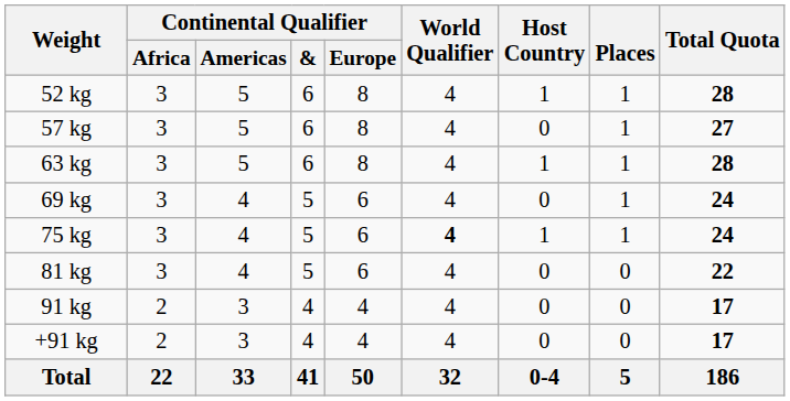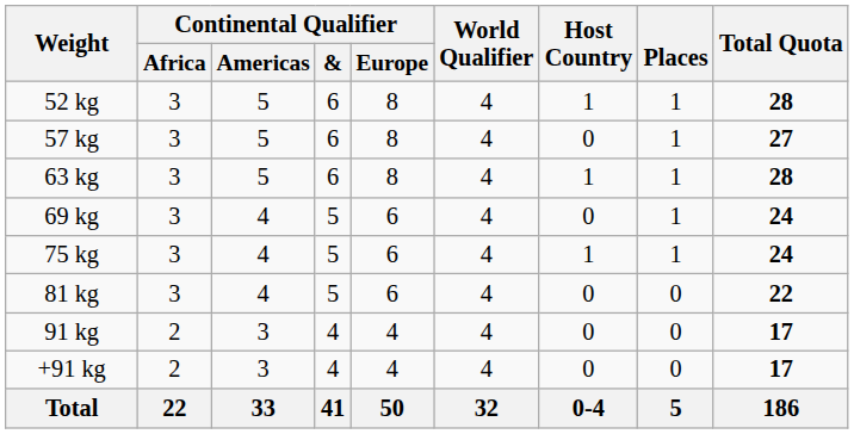 <table class="wikitable" style="text-align:center;">
 <tr>
 <th width=80 rowspan=2>Weight</th>
 <th colspan=4>Continental Qualifier</th>
 <th rowspan=2>World<br>Qualifier</th>
 <th rowspan=2>Host<br>Country</th>
 <th rowspan=2><br>Places</th>
 <th rowspan=2>Total Quota</th>
 </tr>
 <tr style="font-size:95%">
 <th>Africa</th>
 <th>Americas</th>
 <th> & </th>
 <th>Europe</th>
 </tr>
 <tr>
 <td>52 kg</td>
 <td>3</td>
 <td>5</td>
 <td>6</td>
 <td>8</td>
 <td>4</td>
 <td>1</td>
 <td>1</td>
 <td><strong>28</strong></td>
 </tr>
 <tr>
 <td>57 kg</td>
 <td>3</td>
 <td>5</td>
 <td>6</td>
 <td>8</td>
 <td>4</td>
 <td>0</td>
 <td>1</td>
 <td><strong>27</strong></td>
 </tr>
 <tr>
 <td>63 kg</td>
 <td>3</td>
 <td>5</td>
 <td>6</td>
 <td>8</td>
 <td>4</td>
 <td>1</td>
 <td>1</td>
 <td><strong>28</strong></td>
 </tr>
 <tr>
 <td>69 kg</td>
 <td>3</td>
 <td>4</td>
 <td>5</td>
 <td>6</td>
 <td>4</td>
 <td>0</td>
 <td>1</td>
 <td><strong>24</strong></td>
 </tr>
 <tr>
 <td>75 kg</td>
 <td>3</td>
 <td>4</td>
 <td>5</td>
 <td>6</td>
-<td><strong>4</strong></td>
+<td>4</td>
 <td>1</td>
 <td>1</td>
 <td><strong>24</strong></td>
 </tr>
 <tr>
 <td>81 kg</td>
 <td>3</td>
 <td>4</td>
 <td>5</td>
 <td>6</td>
 <td>4</td>
 <td>0</td>
 <td>0</td>
 <td><strong>22</strong></td>
 </tr>
 <tr>
 <td>91 kg</td>
 <td>2</td>
 <td>3</td>
 <td>4</td>
 <td>4</td>
 <td>4</td>
 <td>0</td>
 <td>0</td>
 <td><strong>17</strong></td>
 </tr>
 <tr>
 <td>+91 kg</td>
 <td>2</td>
 <td>3</td>
 <td>4</td>
 <td>4</td>
 <td>4</td>
 <td>0</td>
 <td>0</td>
 <td><strong>17</strong></td>
 </tr>
 <tr>
 <th>Total</th>
 <th>22</th>
 <th>33</th>
 <th>41</th>
 <th>50</th>
 <th>32</th>
 <th>0-4</th>
 <th>5</th>
 <th>186</th>
 </tr>
 </table>
